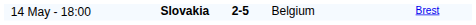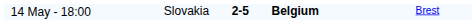 <table style="width: 100%; background:#F5FAFF;" cellspacing="0">
 <tr>
 <td align=center rowspan=3 width=20%>14 May - 18:00</td>
 </tr>
 <tr>
-<td width=24% align=right><strong>Slovakia</strong></td>
+<td width=24% align=right>Slovakia</td>
 <td align=center width=13%><strong>2-5</strong></td>
-<td width=24%>Belgium</td>
+<td width=24%><strong>Belgium</strong></td>
 <td style=font-size:85% rowspan=3 valign=top align=center><a href='#'>Brest</a></td>
 </tr>
 <tr style=font-size:85%>
 <td align=right valign=top></td>
 <td></td>
 <td></td>
 </tr>
 </table>
